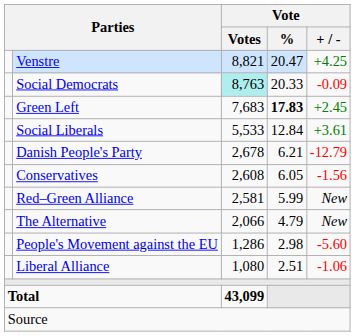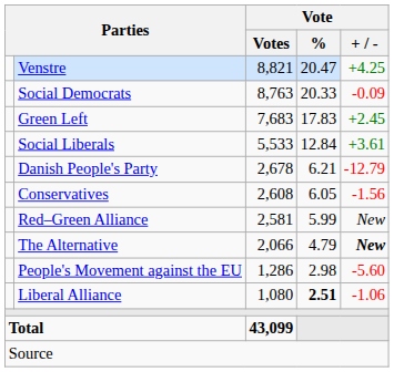 <table class="wikitable" style="text-align:right;">
 <tr>
 <th style="text-align:centre;" rowspan="2" colspan="2" width="225">Parties</th>
 <th colspan="3">Vote</th>
 </tr>
 <tr>
 <th width="15">Votes</th>
 <th width="15">%</th>
 <th width="15">+ / -</th>
 </tr>
 <tr>
 <td width="2" style="color:inherit;background:"></td>
 <td bgcolor=#cfe5fe   align="left"><a href='#'>Venstre</a></td>
 <td bgcolor=#cfe5fe>8,821</td>
 <td bgcolor=#cfe5fe>20.47</td>
 <td style=color:green;>+4.25</td>
 </tr>
 <tr>
 <td width="2" style="color:inherit;background:"></td>
 <td align="left"><a href='#'>Social Democrats</a></td>
-<td style="background: paleturquoise;">8,763</td>
+<td>8,763</td>
 <td>20.33</td>
 <td style=color:red;>-0.09</td>
 </tr>
 <tr>
 <td width="2" style="color:inherit;background:"></td>
 <td align="left"><a href='#'>Green Left</a></td>
 <td>7,683</td>
-<td><strong>17.83</strong></td>
+<td>17.83</td>
 <td style=color:green;>+2.45</td>
 </tr>
 <tr>
 <td width="2" style="color:inherit;background:"></td>
 <td align="left"><a href='#'>Social Liberals</a></td>
 <td>5,533</td>
 <td>12.84</td>
 <td style=color:green;>+3.61</td>
 </tr>
 <tr>
 <td width="2" style="color:inherit;background:"></td>
 <td align="left"><a href='#'>Danish People's Party</a></td>
 <td>2,678</td>
 <td>6.21</td>
 <td style=color:red;>-12.79</td>
 </tr>
 <tr>
 <td width="2" style="color:inherit;background:"></td>
 <td align="left"><a href='#'>Conservatives</a></td>
 <td>2,608</td>
 <td>6.05</td>
 <td style=color:red;>-1.56</td>
 </tr>
 <tr>
 <td width="2" style="color:inherit;background:"></td>
 <td align="left"><a href='#'>Red–Green Alliance</a></td>
 <td>2,581</td>
 <td>5.99</td>
 <td><em>New</em></td>
 </tr>
 <tr>
 <td width="2" style="color:inherit;background:"></td>
 <td align="left"><a href='#'>The Alternative</a></td>
 <td>2,066</td>
 <td>4.79</td>
-<td><em>New</em></td>
+<td><strong><em>New</em></strong></td>
 </tr>
 <tr>
 <td width="2" style="color:inherit;background:"></td>
 <td align="left"><a href='#'>People's Movement against the EU</a></td>
 <td>1,286</td>
 <td>2.98</td>
 <td style=color:red;>-5.60</td>
 </tr>
 <tr>
 <td width="2" style="color:inherit;background:"></td>
 <td align="left"><a href='#'>Liberal Alliance</a></td>
 <td>1,080</td>
-<td>2.51</td>
+<td><strong>2.51</strong></td>
 <td style=color:red;>-1.06</td>
 </tr>
 <tr>
 <td colspan="7" bgcolor="#E9E9E9"></td>
 </tr>
 <tr>
 <td align="left" colspan="2"><strong>Total</strong></td>
 <td><strong>43,099</strong></td>
 <td bgcolor="#E9E9E9" colspan="2"></td>
 </tr>
 <tr>
 <td align="left" colspan="6">Source</td>
 </tr>
 </table>
